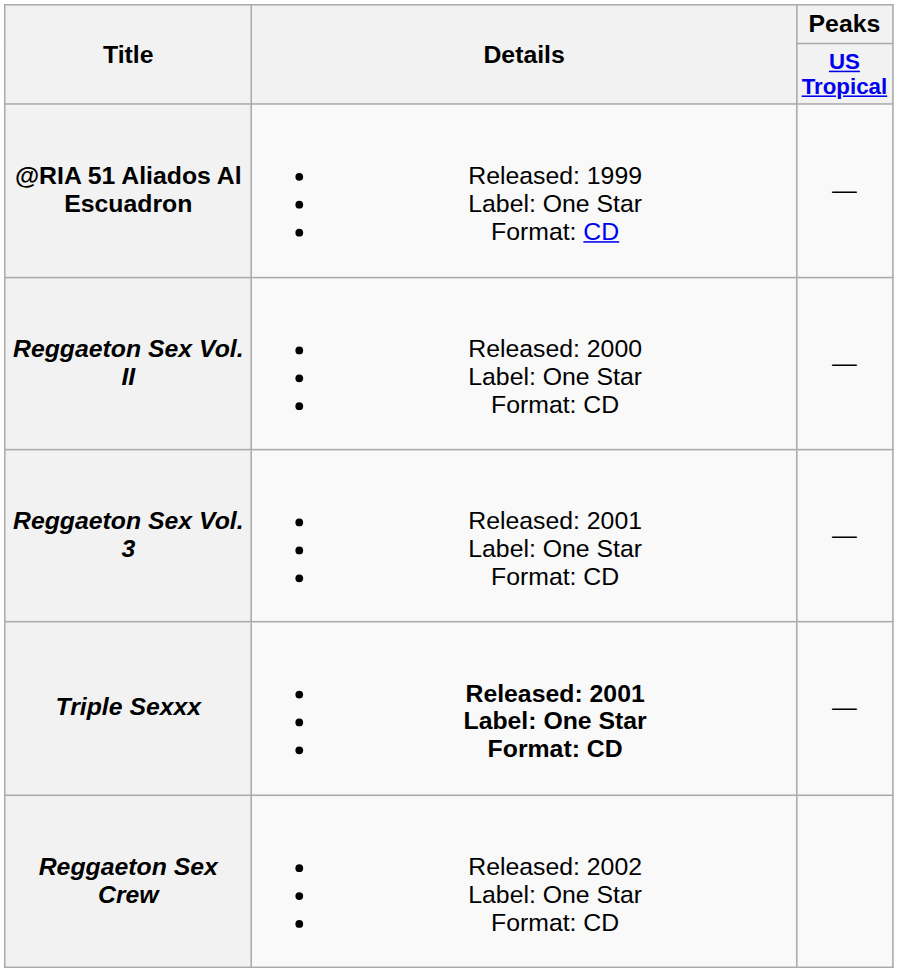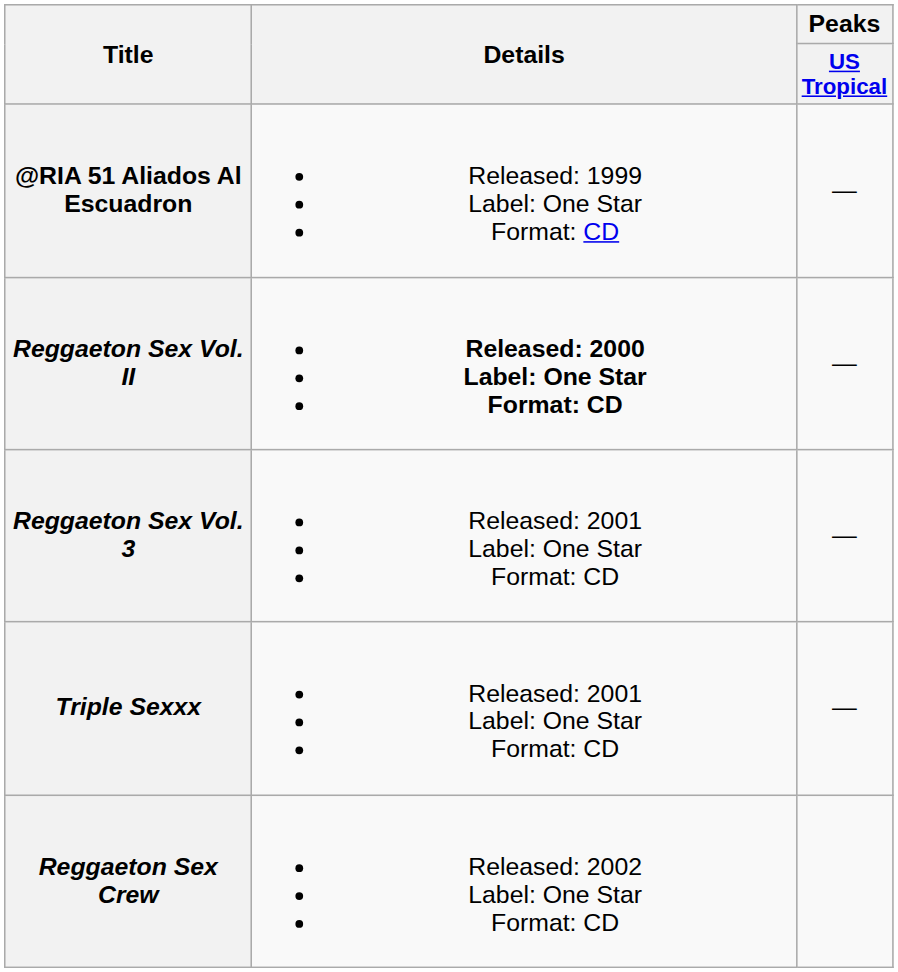 <table class="wikitable plainrowheaders" style="text-align:center">
 <tr>
 <th scope="col" rowspan="2" style="width:9.5em">Title</th>
 <th scope="col" rowspan="2" style="width:21.5em">Details</th>
 <th scope="col" colspan="2">Peaks</th>
 </tr>
 <tr>
 <th scope="col" style="width:2.5em;font-size:90%"><a href='#'>US<br>Tropical</a><br></th>
 </tr>
 <tr>
 <th scope="row">@RIA 51 Aliados Al Escuadron</th>
 <td><br><ul><li>Released: 1999</li><li>Label: One Star</li><li>Format: <a href='#'>CD</a></li></ul></td>
 <td>—</td>
 </tr>
 <tr>
 <th scope="row"><em>Reggaeton Sex Vol. II</em></th>
-<td><br><ul><li>Released: 2000</li><li>Label: One Star</li><li>Format: CD</li></ul></td>
+<td><strong><br><ul><li>Released: 2000</li><li>Label: One Star</li><li>Format: CD</li></ul></strong></td>
 <td>—</td>
 </tr>
 <tr>
 <th scope="row"><em>Reggaeton Sex Vol. 3</em></th>
 <td><br><ul><li>Released: 2001</li><li>Label: One Star</li><li>Format: CD</li></ul></td>
 <td>—</td>
 </tr>
 <tr>
 <th scope="row"><em>Triple Sexxx</em></th>
-<td><strong><br><ul><li>Released: 2001</li><li>Label: One Star</li><li>Format: CD</li></ul></strong></td>
+<td><br><ul><li>Released: 2001</li><li>Label: One Star</li><li>Format: CD</li></ul></td>
 <td>—</td>
 </tr>
 <tr>
 <th scope="row"><em>Reggaeton Sex Crew</em></th>
 <td><br><ul><li>Released: 2002</li><li>Label: One Star</li><li>Format: CD</li></ul></td>
 <td></td>
 </tr>
 </table>
